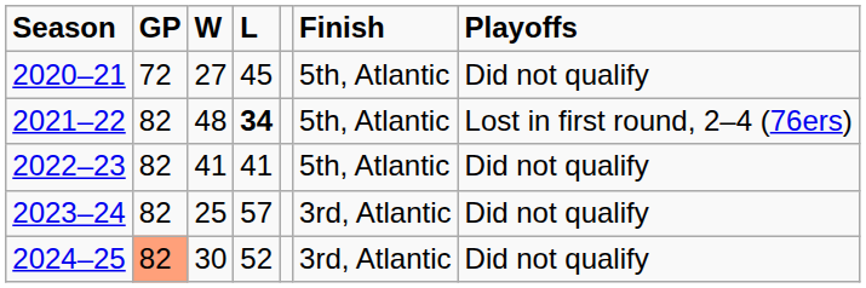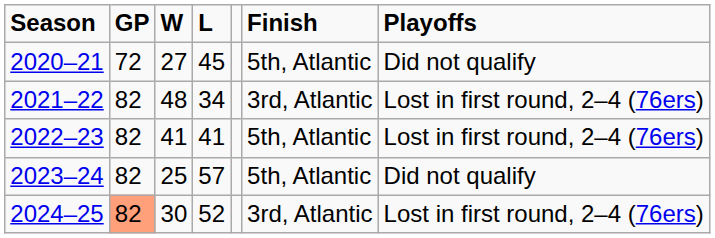 <table class="wikitable">
 <tr style="font-weight:bold; ">
 <td>Season</td>
 <td>GP</td>
 <td>W</td>
 <td>L</td>
 <td></td>
 <td>Finish</td>
 <td>Playoffs</td>
 </tr>
 <tr>
 <td><a href='#'>2020–21</a></td>
 <td>72</td>
 <td>27</td>
 <td>45</td>
 <td></td>
 <td>5th, Atlantic</td>
 <td>Did not qualify</td>
 </tr>
 <tr>
 <td><a href='#'>2021–22</a></td>
 <td>82</td>
 <td>48</td>
-<td><strong>34</strong></td>
+<td>34</td>
 <td></td>
-<td>5th, Atlantic</td>
+<td>3rd, Atlantic</td>
 <td>Lost in first round, 2–4 (<a href='#'>76ers</a>)</td>
 </tr>
 <tr>
 <td><a href='#'>2022–23</a></td>
 <td>82</td>
 <td>41</td>
 <td>41</td>
 <td></td>
 <td>5th, Atlantic</td>
-<td>Did not qualify</td>
+<td>Lost in first round, 2–4 (<a href='#'>76ers</a>)</td>
 </tr>
 <tr>
 <td><a href='#'>2023–24</a></td>
 <td>82</td>
 <td>25</td>
 <td>57</td>
 <td></td>
-<td>3rd, Atlantic</td>
+<td>5th, Atlantic</td>
 <td>Did not qualify</td>
 </tr>
 <tr>
 <td><a href='#'>2024–25</a></td>
 <td style="background: lightsalmon;">82</td>
 <td>30</td>
 <td>52</td>
 <td></td>
 <td>3rd, Atlantic</td>
-<td>Did not qualify</td>
+<td>Lost in first round, 2–4 (<a href='#'>76ers</a>)</td>
 </tr>
 </table>
